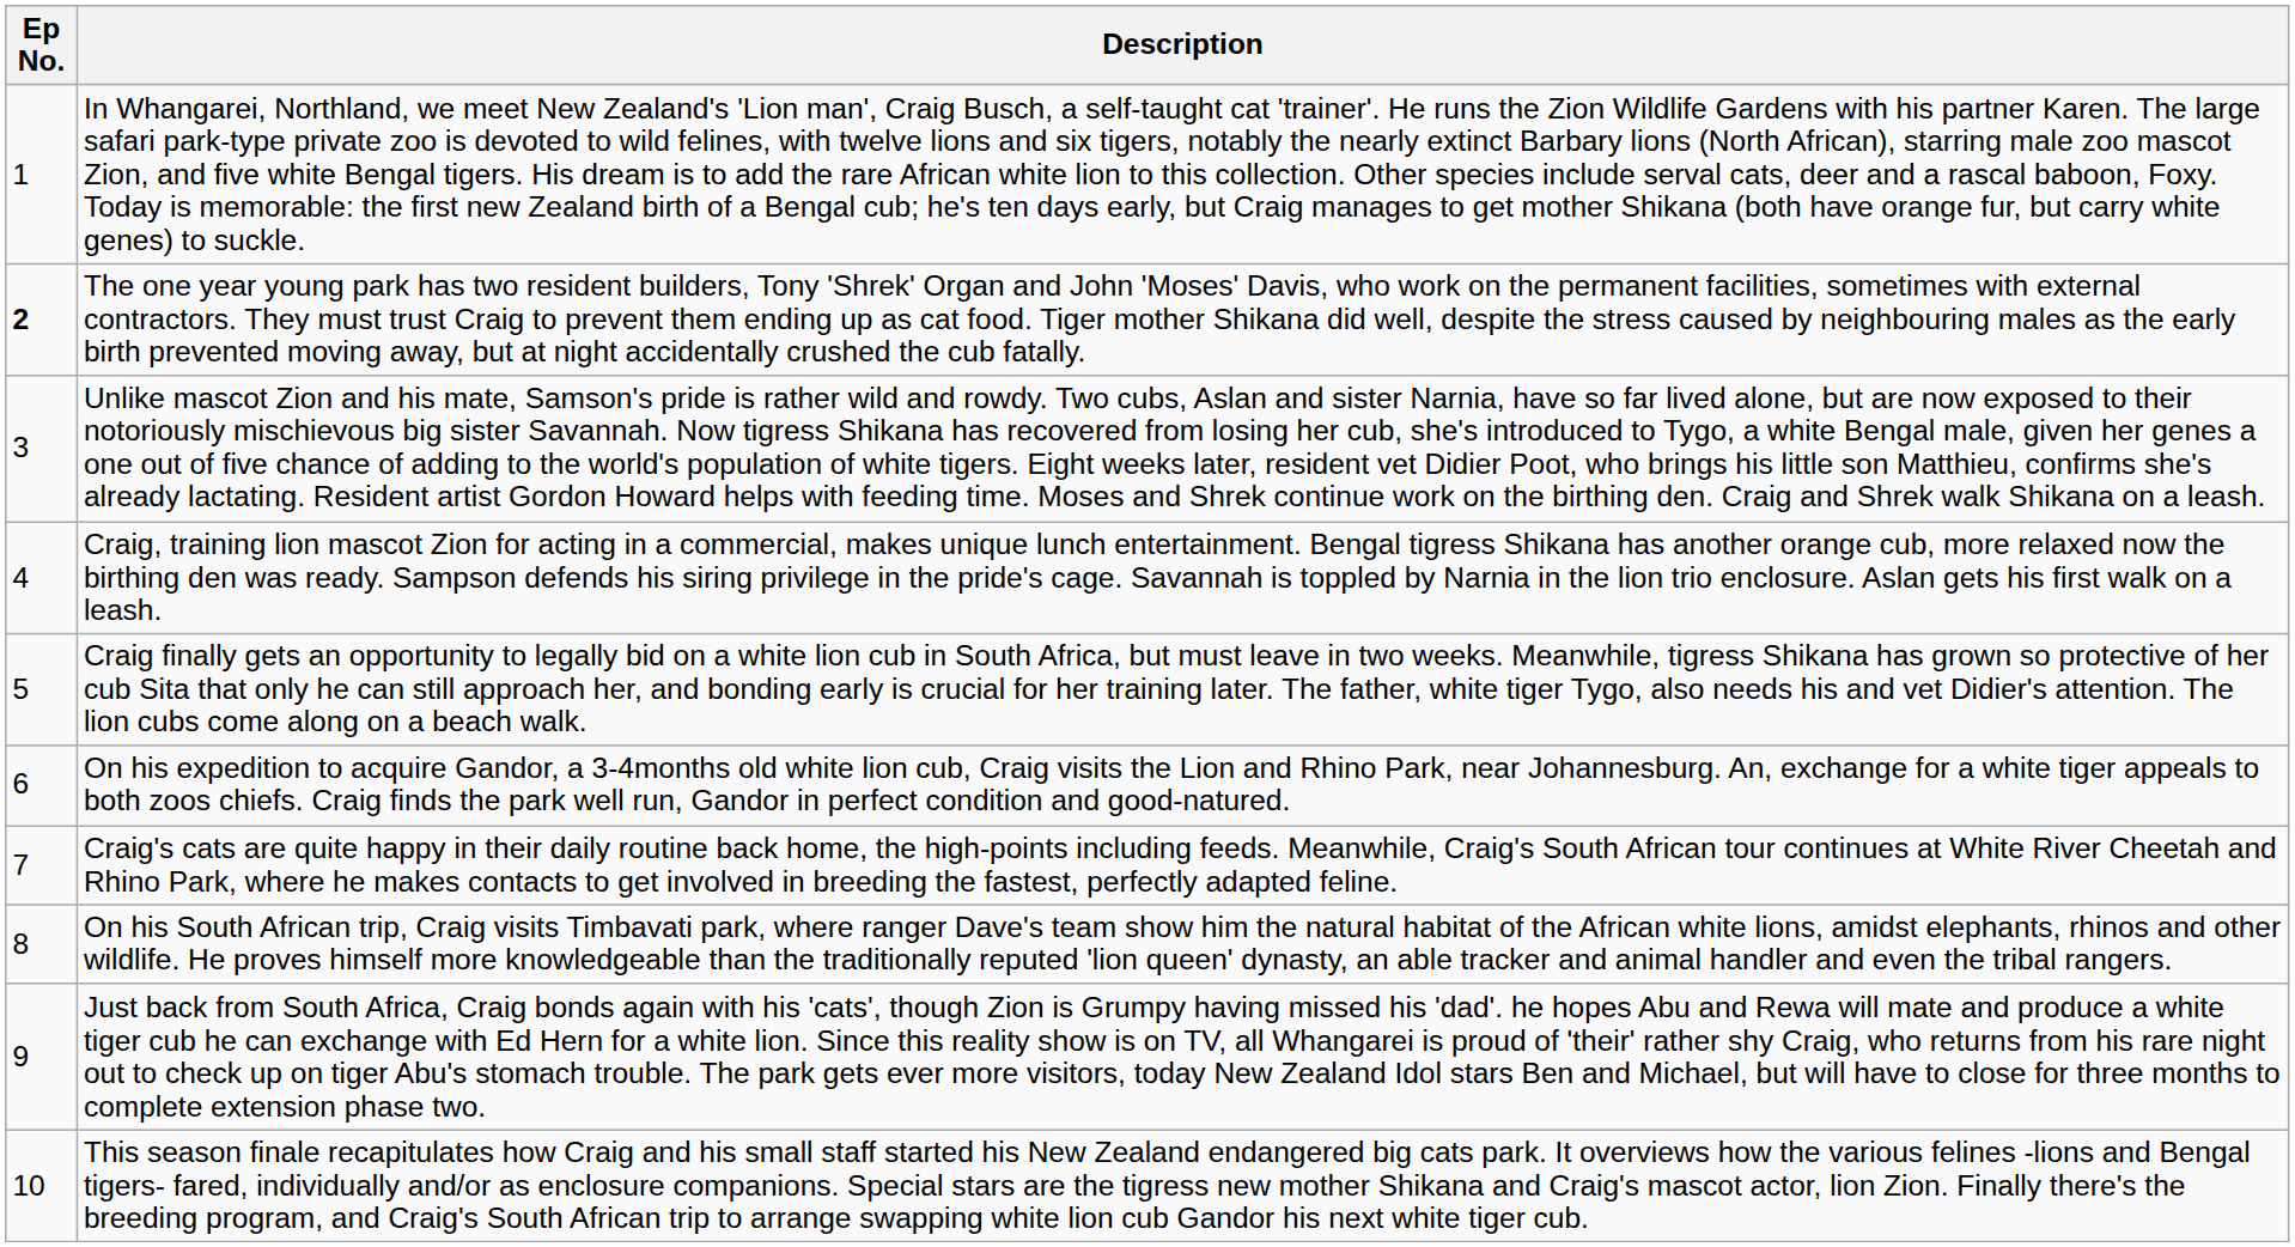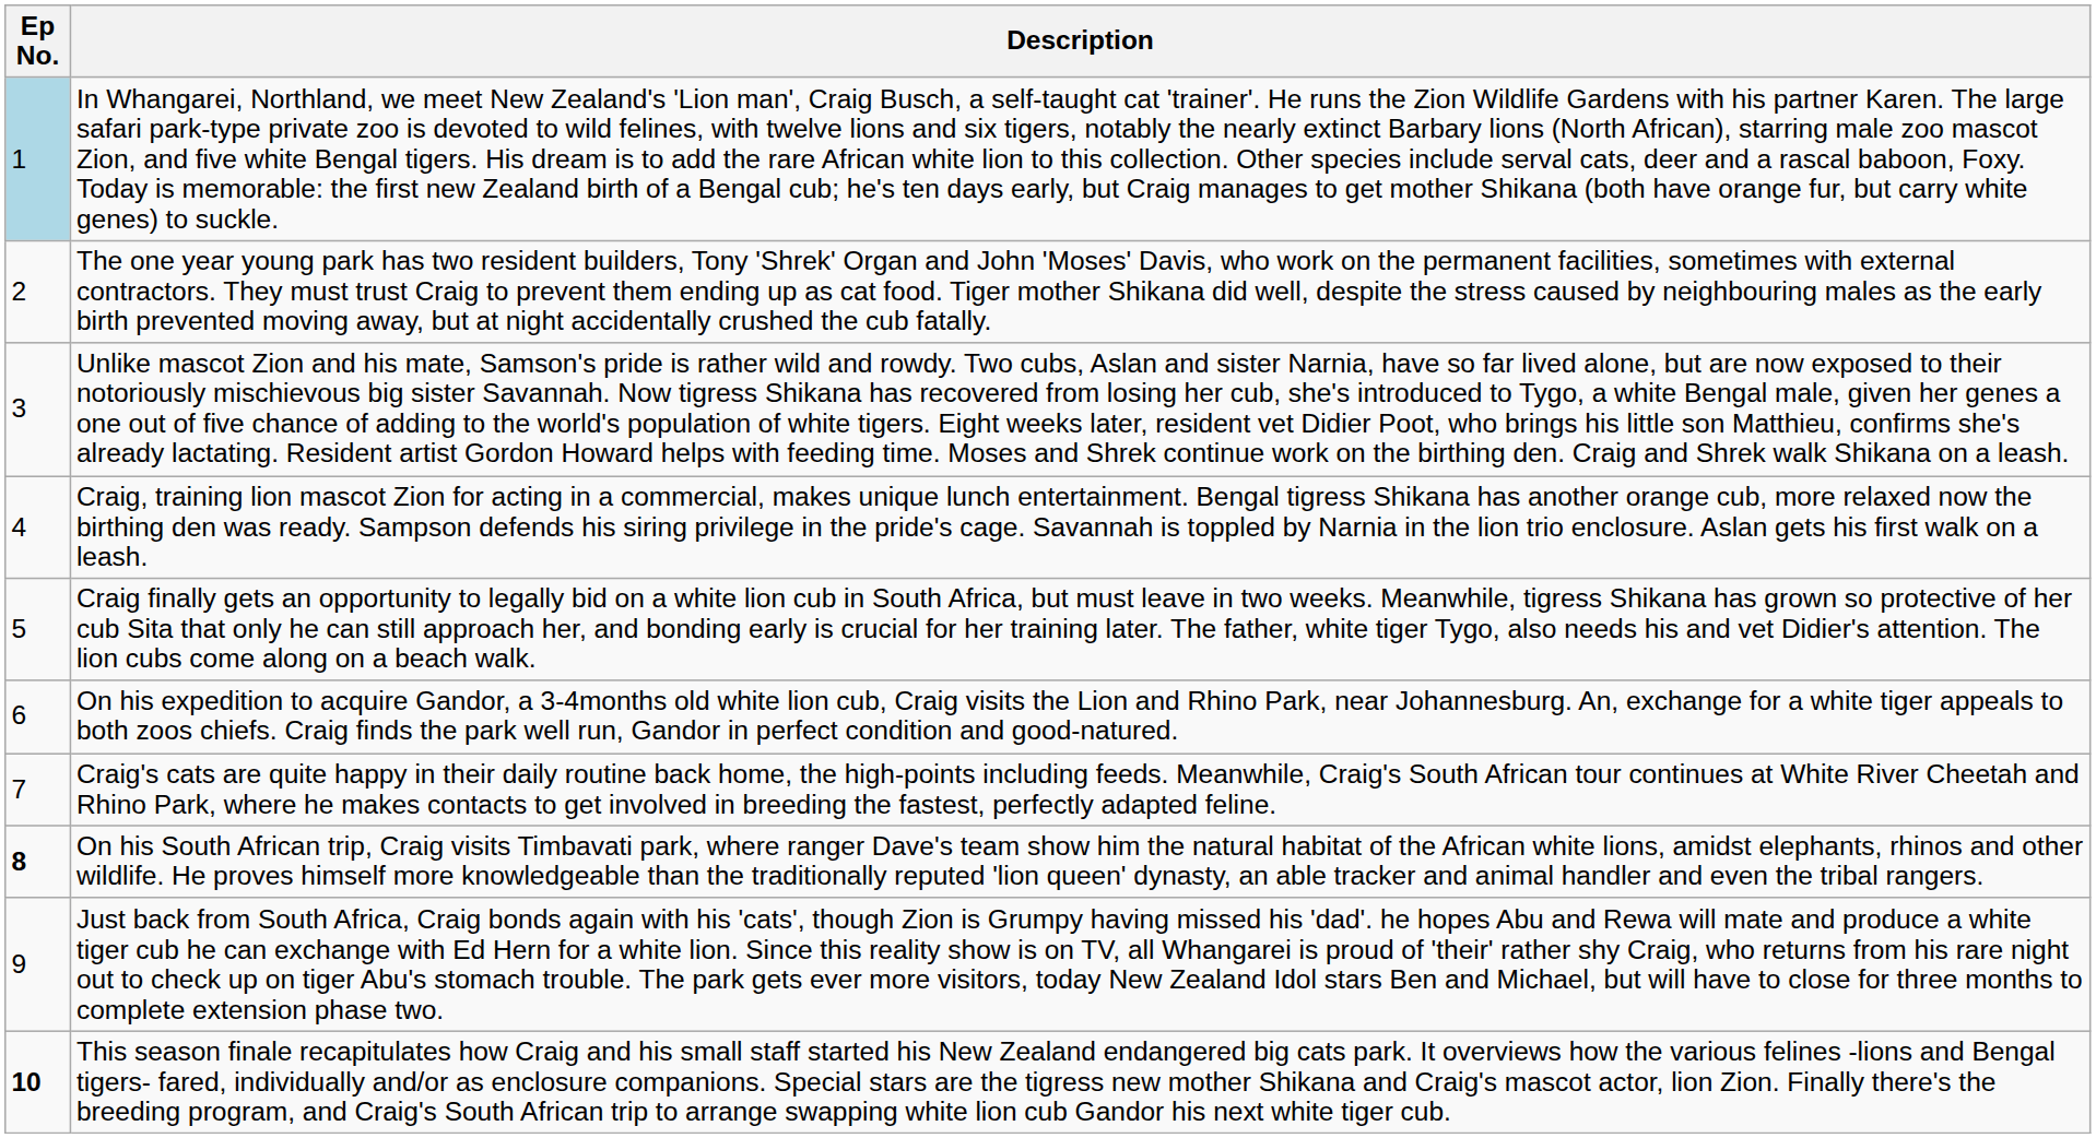 <table class="wikitable">
 <tr>
 <th>Ep No.</th>
 <th>Description</th>
 </tr>
 <tr>
-<td>1</td>
+<td style="background: lightblue;">1</td>
 <td>In Whangarei, Northland, we meet New Zealand's 'Lion man', Craig Busch, a self-taught cat  'trainer'. He runs the Zion Wildlife Gardens with his partner Karen. The large safari park-type private zoo is devoted to wild felines, with twelve lions and six tigers, notably the nearly extinct Barbary lions (North African), starring male zoo mascot Zion, and five white Bengal tigers. His dream is to add the rare African white lion to this collection. Other species include serval cats, deer and a rascal baboon, Foxy. Today is memorable: the first new Zealand birth of a Bengal cub; he's ten days early, but Craig manages to get mother Shikana (both have orange fur, but carry white genes) to suckle.</td>
 </tr>
 <tr>
-<td><strong>2</strong></td>
+<td>2</td>
 <td>The one year young park has two resident builders, Tony 'Shrek' Organ and John 'Moses' Davis, who work on the permanent facilities, sometimes with external contractors. They must trust Craig to prevent them ending up as cat food. Tiger mother Shikana did well, despite the stress caused by neighbouring males as the early birth prevented moving away, but at night accidentally crushed the cub fatally.</td>
 </tr>
 <tr>
 <td>3</td>
 <td>Unlike mascot Zion and his mate, Samson's pride is rather wild and rowdy. Two cubs, Aslan and sister Narnia, have so far lived alone, but are now exposed to their notoriously mischievous big sister Savannah. Now tigress Shikana has recovered from losing her cub, she's introduced to Tygo, a white Bengal male, given her genes a one out of five chance of adding to the world's population of white tigers. Eight weeks later, resident vet Didier Poot, who brings his little son Matthieu, confirms she's already lactating. Resident artist Gordon Howard helps with feeding time. Moses and Shrek continue work on the birthing den. Craig and Shrek walk Shikana on a leash.</td>
 </tr>
 <tr>
 <td>4</td>
 <td>Craig, training lion mascot Zion for acting in a commercial, makes unique lunch entertainment. Bengal tigress Shikana has another orange cub, more relaxed now the birthing den was ready. Sampson defends his siring privilege in the pride's cage. Savannah is toppled by Narnia in the lion trio enclosure. Aslan gets his first walk on a leash.</td>
 </tr>
 <tr>
 <td>5</td>
 <td>Craig finally gets an opportunity to legally bid on a white lion cub in South Africa, but must leave in two weeks. Meanwhile, tigress Shikana has grown so protective of her cub Sita that only he can still approach her, and bonding early is crucial for her training later. The father, white tiger Tygo, also needs his and vet Didier's attention. The lion cubs come along on a beach walk.</td>
 </tr>
 <tr>
 <td>6</td>
 <td>On his expedition to acquire Gandor, a 3-4months old white lion cub, Craig visits the Lion and Rhino Park, near Johannesburg. An, exchange for a white tiger appeals to both zoos chiefs. Craig finds the park well run, Gandor in perfect condition and good-natured.</td>
 </tr>
 <tr>
 <td>7</td>
 <td>Craig's cats are quite happy in their daily routine back home, the high-points including feeds. Meanwhile, Craig's South African tour continues at White River Cheetah and Rhino Park, where he makes contacts to get involved in breeding the fastest, perfectly adapted feline.</td>
 </tr>
 <tr>
-<td>8</td>
+<td><strong>8</strong></td>
 <td>On his South African trip, Craig visits Timbavati park, where ranger Dave's team show him the natural habitat of the African white lions, amidst elephants, rhinos and other wildlife. He proves himself more knowledgeable than the traditionally reputed 'lion queen' dynasty, an able tracker and animal handler and even the tribal rangers.</td>
 </tr>
 <tr>
 <td>9</td>
 <td>Just back from South Africa, Craig bonds again with his 'cats', though Zion is Grumpy having missed his 'dad'. he hopes Abu and Rewa will mate and produce a white tiger cub he can exchange with Ed Hern for a white lion. Since this reality show is on TV, all Whangarei is proud of 'their' rather shy Craig, who returns from his rare night out to check up on tiger Abu's stomach trouble. The park gets ever more visitors, today New Zealand Idol stars Ben and Michael, but will have to close for three months to complete extension phase two.</td>
 </tr>
 <tr>
-<td>10</td>
+<td><strong>10</strong></td>
 <td>This season finale recapitulates how Craig and his small staff started his New Zealand endangered big cats park. It overviews how the various felines -lions and Bengal tigers- fared, individually and/or as enclosure companions. Special stars are the tigress new mother Shikana and Craig's mascot actor, lion Zion. Finally there's the breeding program, and Craig's South African trip to arrange swapping white lion cub Gandor his next white tiger cub.</td>
 </tr>
 </table>
